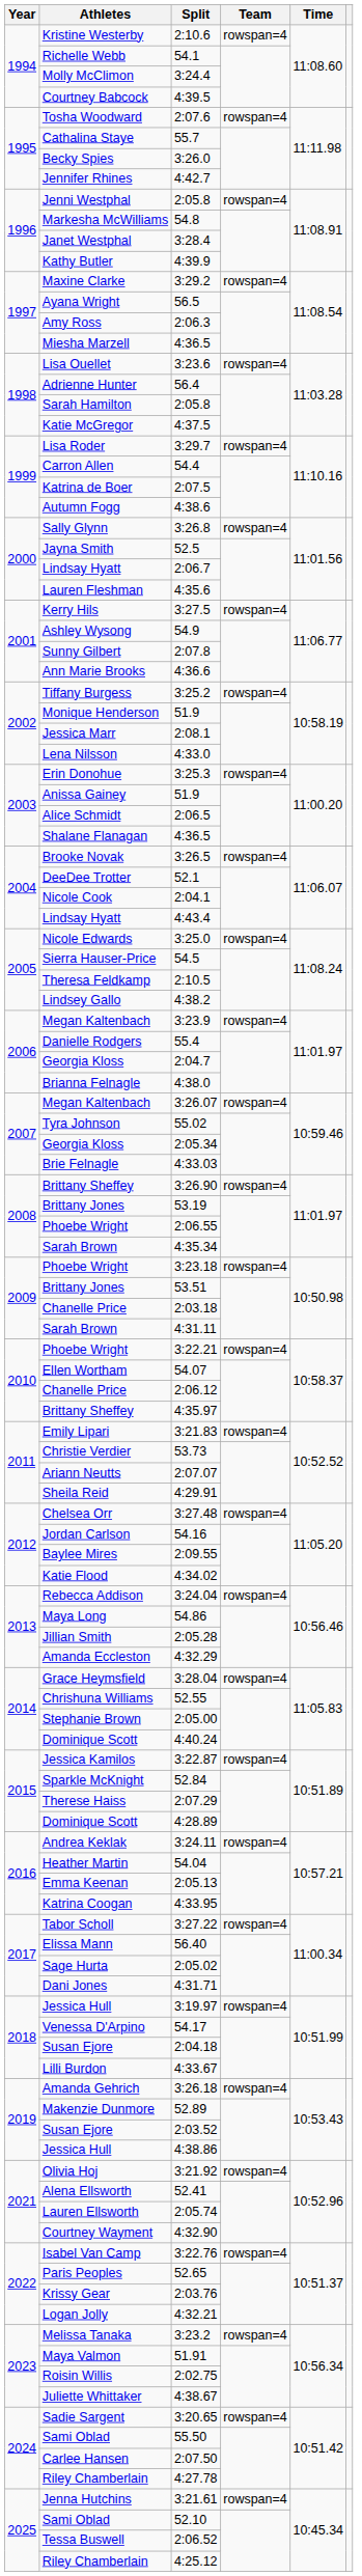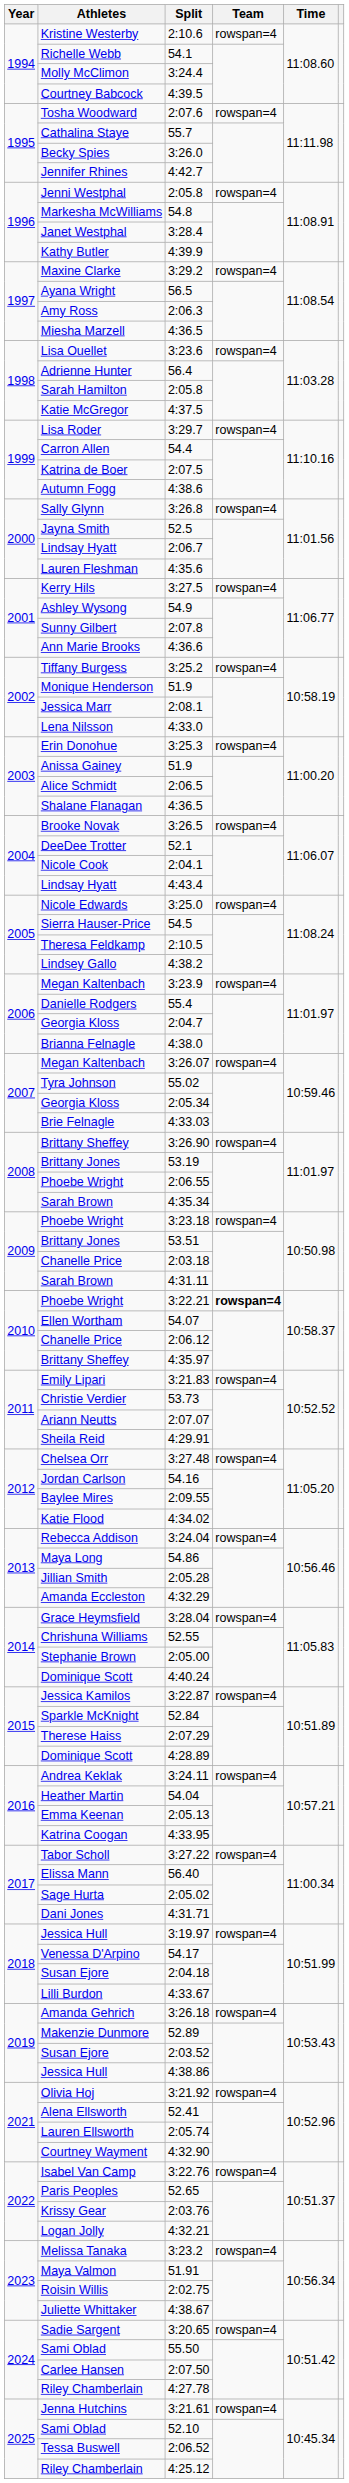 <table class="wikitable sortable">
 <tr>
 <th>Year</th>
 <th>Athletes</th>
 <th>Split</th>
 <th>Team</th>
 <th>Time</th>
 <th class=unsortable></th>
 </tr>
 <tr>
 <td rowspan=4><a href='#'>1994</a></td>
 <td><a href='#'>Kristine Westerby</a></td>
 <td>2:10.6</td>
 <td>rowspan=4 </td>
 <td rowspan=4>11:08.60</td>
 <td rowspan=4></td>
 </tr>
 <tr>
 <td><a href='#'>Richelle Webb</a></td>
 <td>54.1</td>
 </tr>
 <tr>
 <td><a href='#'>Molly McClimon</a></td>
 <td>3:24.4</td>
 </tr>
 <tr>
 <td><a href='#'>Courtney Babcock</a></td>
 <td>4:39.5</td>
 </tr>
 <tr>
 <td rowspan=4><a href='#'>1995</a></td>
 <td><a href='#'>Tosha Woodward</a></td>
 <td>2:07.6</td>
 <td>rowspan=4 </td>
 <td rowspan=4>11:11.98</td>
 <td rowspan=4></td>
 </tr>
 <tr>
 <td><a href='#'>Cathalina Staye</a></td>
 <td>55.7</td>
 </tr>
 <tr>
 <td><a href='#'>Becky Spies</a></td>
 <td>3:26.0</td>
 </tr>
 <tr>
 <td><a href='#'>Jennifer Rhines</a></td>
 <td>4:42.7</td>
 </tr>
 <tr>
 <td rowspan=4><a href='#'>1996</a></td>
 <td><a href='#'>Jenni Westphal</a></td>
 <td>2:05.8</td>
 <td>rowspan=4 </td>
 <td rowspan=4>11:08.91</td>
 <td rowspan=4></td>
 </tr>
 <tr>
 <td><a href='#'>Markesha McWilliams</a></td>
 <td>54.8</td>
 </tr>
 <tr>
 <td><a href='#'>Janet Westphal</a></td>
 <td>3:28.4</td>
 </tr>
 <tr>
 <td><a href='#'>Kathy Butler</a></td>
 <td>4:39.9</td>
 </tr>
 <tr>
 <td rowspan=4><a href='#'>1997</a></td>
 <td><a href='#'>Maxine Clarke</a></td>
 <td>3:29.2</td>
 <td>rowspan=4 </td>
 <td rowspan=4>11:08.54</td>
 <td rowspan=4></td>
 </tr>
 <tr>
 <td><a href='#'>Ayana Wright</a></td>
 <td>56.5</td>
 </tr>
 <tr>
 <td><a href='#'>Amy Ross</a></td>
 <td>2:06.3</td>
 </tr>
 <tr>
 <td><a href='#'>Miesha Marzell</a></td>
 <td>4:36.5</td>
 </tr>
 <tr>
 <td rowspan=4><a href='#'>1998</a></td>
 <td><a href='#'>Lisa Ouellet</a></td>
 <td>3:23.6</td>
 <td>rowspan=4 </td>
 <td rowspan=4>11:03.28</td>
 <td rowspan=4></td>
 </tr>
 <tr>
 <td><a href='#'>Adrienne Hunter</a></td>
 <td>56.4</td>
 </tr>
 <tr>
 <td><a href='#'>Sarah Hamilton</a></td>
 <td>2:05.8</td>
 </tr>
 <tr>
 <td><a href='#'>Katie McGregor</a></td>
 <td>4:37.5</td>
 </tr>
 <tr>
 <td rowspan=4><a href='#'>1999</a></td>
 <td><a href='#'>Lisa Roder</a></td>
 <td>3:29.7</td>
 <td>rowspan=4 </td>
 <td rowspan=4>11:10.16</td>
 <td rowspan=4></td>
 </tr>
 <tr>
 <td><a href='#'>Carron Allen</a></td>
 <td>54.4</td>
 </tr>
 <tr>
 <td><a href='#'>Katrina de Boer</a></td>
 <td>2:07.5</td>
 </tr>
 <tr>
 <td><a href='#'>Autumn Fogg</a></td>
 <td>4:38.6</td>
 </tr>
 <tr>
 <td rowspan=4><a href='#'>2000</a></td>
 <td><a href='#'>Sally Glynn</a></td>
 <td>3:26.8</td>
 <td>rowspan=4 </td>
 <td rowspan=4>11:01.56</td>
 <td rowspan=4></td>
 </tr>
 <tr>
 <td><a href='#'>Jayna Smith</a></td>
 <td>52.5</td>
 </tr>
 <tr>
 <td><a href='#'>Lindsay Hyatt</a></td>
 <td>2:06.7</td>
 </tr>
 <tr>
 <td><a href='#'>Lauren Fleshman</a></td>
 <td>4:35.6</td>
 </tr>
 <tr>
 <td rowspan=4><a href='#'>2001</a></td>
 <td><a href='#'>Kerry Hils</a></td>
 <td>3:27.5</td>
 <td>rowspan=4 </td>
 <td rowspan=4>11:06.77</td>
 <td rowspan=4></td>
 </tr>
 <tr>
 <td><a href='#'>Ashley Wysong</a></td>
 <td>54.9</td>
 </tr>
 <tr>
 <td><a href='#'>Sunny Gilbert</a></td>
 <td>2:07.8</td>
 </tr>
 <tr>
 <td><a href='#'>Ann Marie Brooks</a></td>
 <td>4:36.6</td>
 </tr>
 <tr>
 <td rowspan=4><a href='#'>2002</a></td>
 <td><a href='#'>Tiffany Burgess</a></td>
 <td>3:25.2</td>
 <td>rowspan=4 </td>
 <td rowspan=4>10:58.19</td>
 <td rowspan=4></td>
 </tr>
 <tr>
 <td><a href='#'>Monique Henderson</a></td>
 <td>51.9</td>
 </tr>
 <tr>
 <td><a href='#'>Jessica Marr</a></td>
 <td>2:08.1</td>
 </tr>
 <tr>
 <td><a href='#'>Lena Nilsson</a></td>
 <td>4:33.0</td>
 </tr>
 <tr>
 <td rowspan=4><a href='#'>2003</a></td>
 <td><a href='#'>Erin Donohue</a></td>
 <td>3:25.3</td>
 <td>rowspan=4 </td>
 <td rowspan=4>11:00.20</td>
 <td rowspan=4></td>
 </tr>
 <tr>
 <td><a href='#'>Anissa Gainey</a></td>
 <td>51.9</td>
 </tr>
 <tr>
 <td><a href='#'>Alice Schmidt</a></td>
 <td>2:06.5</td>
 </tr>
 <tr>
 <td><a href='#'>Shalane Flanagan</a></td>
 <td>4:36.5</td>
 </tr>
 <tr>
 <td rowspan=4><a href='#'>2004</a></td>
 <td><a href='#'>Brooke Novak</a></td>
 <td>3:26.5</td>
 <td>rowspan=4 </td>
 <td rowspan=4>11:06.07</td>
 <td rowspan=4></td>
 </tr>
 <tr>
 <td><a href='#'>DeeDee Trotter</a></td>
 <td>52.1</td>
 </tr>
 <tr>
 <td><a href='#'>Nicole Cook</a></td>
 <td>2:04.1</td>
 </tr>
 <tr>
 <td><a href='#'>Lindsay Hyatt</a></td>
 <td>4:43.4</td>
 </tr>
 <tr>
 <td rowspan=4><a href='#'>2005</a></td>
 <td><a href='#'>Nicole Edwards</a></td>
 <td>3:25.0</td>
 <td>rowspan=4 </td>
 <td rowspan=4>11:08.24</td>
 <td rowspan=4></td>
 </tr>
 <tr>
 <td><a href='#'>Sierra Hauser-Price</a></td>
 <td>54.5</td>
 </tr>
 <tr>
 <td><a href='#'>Theresa Feldkamp</a></td>
 <td>2:10.5</td>
 </tr>
 <tr>
 <td><a href='#'>Lindsey Gallo</a></td>
 <td>4:38.2</td>
 </tr>
 <tr>
 <td rowspan=4><a href='#'>2006</a></td>
 <td><a href='#'>Megan Kaltenbach</a></td>
 <td>3:23.9</td>
 <td>rowspan=4 </td>
 <td rowspan=4>11:01.97</td>
 <td rowspan=4></td>
 </tr>
 <tr>
 <td><a href='#'>Danielle Rodgers</a></td>
 <td>55.4</td>
 </tr>
 <tr>
 <td><a href='#'>Georgia Kloss</a></td>
 <td>2:04.7</td>
 </tr>
 <tr>
 <td><a href='#'>Brianna Felnagle</a></td>
 <td>4:38.0</td>
 </tr>
 <tr>
 <td rowspan=4><a href='#'>2007</a></td>
 <td><a href='#'>Megan Kaltenbach</a></td>
 <td>3:26.07</td>
 <td>rowspan=4 </td>
 <td rowspan=4>10:59.46</td>
 <td rowspan=4></td>
 </tr>
 <tr>
 <td><a href='#'>Tyra Johnson</a></td>
 <td>55.02</td>
 </tr>
 <tr>
 <td><a href='#'>Georgia Kloss</a></td>
 <td>2:05.34</td>
 </tr>
 <tr>
 <td><a href='#'>Brie Felnagle</a></td>
 <td>4:33.03</td>
 </tr>
 <tr>
 <td rowspan=4><a href='#'>2008</a></td>
 <td><a href='#'>Brittany Sheffey</a></td>
 <td>3:26.90</td>
 <td>rowspan=4 </td>
 <td rowspan=4>11:01.97</td>
 <td rowspan=4></td>
 </tr>
 <tr>
 <td><a href='#'>Brittany Jones</a></td>
 <td>53.19</td>
 </tr>
 <tr>
 <td><a href='#'>Phoebe Wright</a></td>
 <td>2:06.55</td>
 </tr>
 <tr>
 <td><a href='#'>Sarah Brown</a></td>
 <td>4:35.34</td>
 </tr>
 <tr>
 <td rowspan=4><a href='#'>2009</a></td>
 <td><a href='#'>Phoebe Wright</a></td>
 <td>3:23.18</td>
 <td>rowspan=4 </td>
 <td rowspan=4>10:50.98</td>
 <td rowspan=4></td>
 </tr>
 <tr>
 <td><a href='#'>Brittany Jones</a></td>
 <td>53.51</td>
 </tr>
 <tr>
 <td><a href='#'>Chanelle Price</a></td>
 <td>2:03.18</td>
 </tr>
 <tr>
 <td><a href='#'>Sarah Brown</a></td>
 <td>4:31.11</td>
 </tr>
 <tr>
 <td rowspan=4><a href='#'>2010</a></td>
 <td><a href='#'>Phoebe Wright</a></td>
 <td>3:22.21</td>
-<td>rowspan=4 </td>
+<td><strong>rowspan=4 </strong></td>
 <td rowspan=4>10:58.37</td>
 <td rowspan=4></td>
 </tr>
 <tr>
 <td><a href='#'>Ellen Wortham</a></td>
 <td>54.07</td>
 </tr>
 <tr>
 <td><a href='#'>Chanelle Price</a></td>
 <td>2:06.12</td>
 </tr>
 <tr>
 <td><a href='#'>Brittany Sheffey</a></td>
 <td>4:35.97</td>
 </tr>
 <tr>
 <td rowspan=4><a href='#'>2011</a></td>
 <td><a href='#'>Emily Lipari</a></td>
 <td>3:21.83</td>
 <td>rowspan=4 </td>
 <td rowspan=4>10:52.52</td>
 <td rowspan=4></td>
 </tr>
 <tr>
 <td><a href='#'>Christie Verdier</a></td>
 <td>53.73</td>
 </tr>
 <tr>
 <td><a href='#'>Ariann Neutts</a></td>
 <td>2:07.07</td>
 </tr>
 <tr>
 <td><a href='#'>Sheila Reid</a></td>
 <td>4:29.91</td>
 </tr>
 <tr>
 <td rowspan=4><a href='#'>2012</a></td>
 <td><a href='#'>Chelsea Orr</a></td>
 <td>3:27.48</td>
 <td>rowspan=4 </td>
 <td rowspan=4>11:05.20</td>
 <td rowspan=4></td>
 </tr>
 <tr>
 <td><a href='#'>Jordan Carlson</a></td>
 <td>54.16</td>
 </tr>
 <tr>
 <td><a href='#'>Baylee Mires</a></td>
 <td>2:09.55</td>
 </tr>
 <tr>
 <td><a href='#'>Katie Flood</a></td>
 <td>4:34.02</td>
 </tr>
 <tr>
 <td rowspan=4><a href='#'>2013</a></td>
 <td><a href='#'>Rebecca Addison</a></td>
 <td>3:24.04</td>
 <td>rowspan=4 </td>
 <td rowspan=4>10:56.46</td>
 <td rowspan=4></td>
 </tr>
 <tr>
 <td><a href='#'>Maya Long</a></td>
 <td>54.86</td>
 </tr>
 <tr>
 <td><a href='#'>Jillian Smith</a></td>
 <td>2:05.28</td>
 </tr>
 <tr>
 <td><a href='#'>Amanda Eccleston</a></td>
 <td>4:32.29</td>
 </tr>
 <tr>
 <td rowspan=4><a href='#'>2014</a></td>
 <td><a href='#'>Grace Heymsfield</a></td>
 <td>3:28.04</td>
 <td>rowspan=4 </td>
 <td rowspan=4>11:05.83 </td>
 <td rowspan=4></td>
 </tr>
 <tr>
 <td><a href='#'>Chrishuna Williams</a></td>
 <td>52.55</td>
 </tr>
 <tr>
 <td><a href='#'>Stephanie Brown</a></td>
 <td>2:05.00</td>
 </tr>
 <tr>
 <td><a href='#'>Dominique Scott</a></td>
 <td>4:40.24</td>
 </tr>
 <tr>
 <td rowspan=4><a href='#'>2015</a></td>
 <td><a href='#'>Jessica Kamilos</a></td>
 <td>3:22.87</td>
 <td>rowspan=4 </td>
 <td rowspan=4>10:51.89</td>
 <td rowspan=4></td>
 </tr>
 <tr>
 <td><a href='#'>Sparkle McKnight</a></td>
 <td>52.84</td>
 </tr>
 <tr>
 <td><a href='#'>Therese Haiss</a></td>
 <td>2:07.29</td>
 </tr>
 <tr>
 <td><a href='#'>Dominique Scott</a></td>
 <td>4:28.89</td>
 </tr>
 <tr>
 <td rowspan=4><a href='#'>2016</a></td>
 <td><a href='#'>Andrea Keklak</a></td>
 <td>3:24.11</td>
 <td>rowspan=4 </td>
 <td rowspan=4>10:57.21</td>
 <td rowspan=4></td>
 </tr>
 <tr>
 <td><a href='#'>Heather Martin</a></td>
 <td>54.04</td>
 </tr>
 <tr>
 <td><a href='#'>Emma Keenan</a></td>
 <td>2:05.13</td>
 </tr>
 <tr>
 <td><a href='#'>Katrina Coogan</a></td>
 <td>4:33.95</td>
 </tr>
 <tr>
 <td rowspan=4><a href='#'>2017</a></td>
 <td><a href='#'>Tabor Scholl</a></td>
 <td>3:27.22</td>
 <td>rowspan=4 </td>
 <td rowspan=4>11:00.34</td>
 <td rowspan=4></td>
 </tr>
 <tr>
 <td><a href='#'>Elissa Mann</a></td>
 <td>56.40</td>
 </tr>
 <tr>
 <td><a href='#'>Sage Hurta</a></td>
 <td>2:05.02</td>
 </tr>
 <tr>
 <td><a href='#'>Dani Jones</a></td>
 <td>4:31.71</td>
 </tr>
 <tr>
 <td rowspan=4><a href='#'>2018</a></td>
 <td><a href='#'>Jessica Hull</a></td>
 <td>3:19.97</td>
 <td>rowspan=4 </td>
 <td rowspan=4>10:51.99</td>
 <td rowspan=4></td>
 </tr>
 <tr>
 <td><a href='#'>Venessa D'Arpino</a></td>
 <td>54.17</td>
 </tr>
 <tr>
 <td><a href='#'>Susan Ejore</a></td>
 <td>2:04.18</td>
 </tr>
 <tr>
 <td><a href='#'>Lilli Burdon</a></td>
 <td>4:33.67</td>
 </tr>
 <tr>
 <td rowspan=4><a href='#'>2019</a></td>
 <td><a href='#'>Amanda Gehrich</a></td>
 <td>3:26.18</td>
 <td>rowspan=4 </td>
 <td rowspan=4>10:53.43</td>
 <td rowspan=4></td>
 </tr>
 <tr>
 <td><a href='#'>Makenzie Dunmore</a></td>
 <td>52.89</td>
 </tr>
 <tr>
 <td><a href='#'>Susan Ejore</a></td>
 <td>2:03.52</td>
 </tr>
 <tr>
 <td><a href='#'>Jessica Hull</a></td>
 <td>4:38.86</td>
 </tr>
 <tr>
 <td rowspan=4><a href='#'>2021</a></td>
 <td><a href='#'>Olivia Hoj</a></td>
 <td>3:21.92</td>
 <td>rowspan=4 </td>
 <td rowspan=4>10:52.96</td>
 <td rowspan=4></td>
 </tr>
 <tr>
 <td><a href='#'>Alena Ellsworth</a></td>
 <td>52.41</td>
 </tr>
 <tr>
 <td><a href='#'>Lauren Ellsworth</a></td>
 <td>2:05.74</td>
 </tr>
 <tr>
 <td><a href='#'>Courtney Wayment</a></td>
 <td>4:32.90</td>
 </tr>
 <tr>
 <td rowspan=4><a href='#'>2022</a></td>
 <td><a href='#'>Isabel Van Camp</a></td>
 <td>3:22.76</td>
 <td>rowspan=4 </td>
 <td rowspan=4>10:51.37</td>
 <td rowspan=4></td>
 </tr>
 <tr>
 <td><a href='#'>Paris Peoples</a></td>
 <td>52.65</td>
 </tr>
 <tr>
 <td><a href='#'>Krissy Gear</a></td>
 <td>2:03.76</td>
 </tr>
 <tr>
 <td><a href='#'>Logan Jolly</a></td>
 <td>4:32.21</td>
 </tr>
 <tr>
 <td rowspan=4><a href='#'>2023</a></td>
 <td><a href='#'>Melissa Tanaka</a></td>
 <td>3:23.2</td>
 <td>rowspan=4 </td>
 <td rowspan=4>10:56.34 </td>
 <td rowspan=4></td>
 </tr>
 <tr>
 <td><a href='#'>Maya Valmon</a></td>
 <td>51.91</td>
 </tr>
 <tr>
 <td><a href='#'>Roisin Willis</a></td>
 <td>2:02.75</td>
 </tr>
 <tr>
 <td><a href='#'>Juliette Whittaker</a></td>
 <td>4:38.67</td>
 </tr>
 <tr>
 <td rowspan=4><a href='#'>2024</a></td>
 <td><a href='#'>Sadie Sargent</a></td>
 <td>3:20.65</td>
 <td>rowspan=4 </td>
 <td rowspan=4>10:51.42</td>
 <td rowspan=4></td>
 </tr>
 <tr>
 <td><a href='#'>Sami Oblad</a></td>
 <td>55.50</td>
 </tr>
 <tr>
 <td><a href='#'>Carlee Hansen</a></td>
 <td>2:07.50</td>
 </tr>
 <tr>
 <td><a href='#'>Riley Chamberlain</a></td>
 <td>4:27.78</td>
 </tr>
 <tr>
 <td rowspan=4><a href='#'>2025</a></td>
 <td><a href='#'>Jenna Hutchins</a></td>
 <td>3:21.61</td>
 <td>rowspan=4 </td>
 <td rowspan=4>10:45.34</td>
 <td rowspan=4></td>
 </tr>
 <tr>
 <td><a href='#'>Sami Oblad</a></td>
 <td>52.10</td>
 </tr>
 <tr>
 <td><a href='#'>Tessa Buswell</a></td>
 <td>2:06.52</td>
 </tr>
 <tr>
 <td><a href='#'>Riley Chamberlain</a></td>
 <td>4:25.12</td>
 </tr>
 </table>
